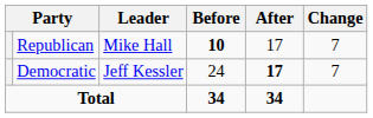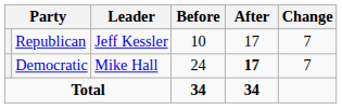 <table class="wikitable" style="text-align:center;">
 <tr>
 <th colspan="2">Party</th>
 <th>Leader</th>
 <th style="width:3em">Before</th>
 <th style="width:3em">After</th>
 <th style="width:3em">Change</th>
 </tr>
 <tr>
 <th style="background-color:"></th>
 <td style="text-align:left;"><a href='#'>Republican</a></td>
-<td style="text-align:left;"><a href='#'>Mike Hall</a></td>
-<td><strong>10</strong></td>
+<td style="text-align:left;"><a href='#'>Jeff Kessler</a></td>
+<td>10</td>
 <td>17</td>
 <td> 7</td>
 </tr>
 <tr>
 <th style="background-color:"></th>
 <td style="text-align:left;"><a href='#'>Democratic</a></td>
-<td style="text-align:left;"><a href='#'>Jeff Kessler</a></td>
+<td style="text-align:left;"><a href='#'>Mike Hall</a></td>
 <td>24</td>
 <td><strong>17</strong></td>
 <td> 7</td>
 </tr>
 <tr>
 <td colspan="3"><strong>Total</strong></td>
 <td><strong>34</strong></td>
 <td><strong>34</strong></td>
 <td></td>
 </tr>
 </table>
